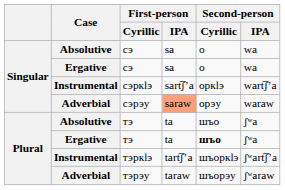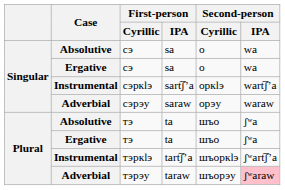 <table class=wikitable>
 <tr>
 <th rowspan=2></th>
 <th rowspan=2>Case</th>
 <th colspan=2>First-person</th>
 <th colspan=2>Second-person</th>
 </tr>
 <tr>
 <th>Cyrillic</th>
 <th>IPA</th>
 <th>Cyrillic</th>
 <th>IPA</th>
 </tr>
 <tr>
 <th rowspan=4>Singular</th>
 <th>Absolutive</th>
 <td>сэ</td>
 <td>sa</td>
 <td>о</td>
 <td>wa</td>
 </tr>
 <tr>
 <th>Ergative</th>
 <td>сэ</td>
 <td>sa</td>
 <td>о</td>
 <td>wa</td>
 </tr>
 <tr>
 <th>Instrumental</th>
 <td>сэркӏэ</td>
 <td>sart͡ʃʼa</td>
 <td>оркӏэ</td>
 <td>wart͡ʃʼa</td>
 </tr>
 <tr>
 <th>Adverbial</th>
 <td>сэрэу</td>
-<td style="background: lightsalmon;">saraw</td>
+<td>saraw</td>
 <td>орэу</td>
 <td>waraw</td>
 </tr>
 <tr>
 <th rowspan=4>Plural</th>
 <th>Absolutive</th>
 <td>тэ</td>
 <td>ta</td>
 <td>шъо</td>
 <td>ʃʷa</td>
 </tr>
 <tr>
 <th>Ergative</th>
 <td>тэ</td>
 <td>ta</td>
-<td><strong>шъо</strong></td>
+<td>шъо</td>
 <td>ʃʷa</td>
 </tr>
 <tr>
 <th>Instrumental</th>
 <td>тэркӏэ</td>
 <td>tart͡ʃʼa</td>
 <td>шъоркӏэ</td>
 <td>ʃʷart͡ʃʼa</td>
 </tr>
 <tr>
 <th>Adverbial</th>
 <td>тэрэу</td>
 <td>taraw</td>
 <td>шъорэу</td>
-<td>ʃʷaraw</td>
+<td style="background: pink;">ʃʷaraw</td>
 </tr>
 </table>
